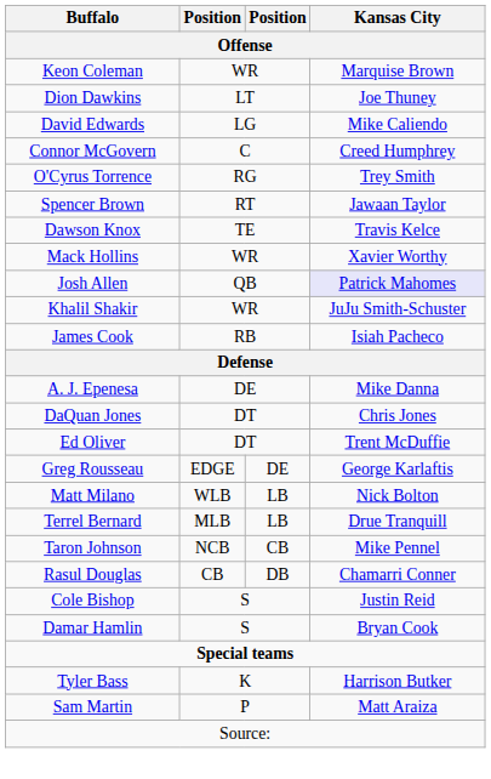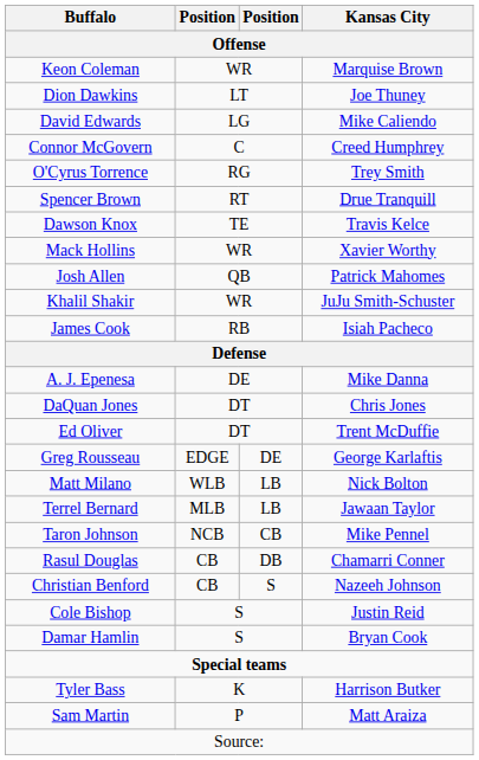 <table class="wikitable" style="text-align:center">
 <tr>
 <th width="160px">Buffalo</th>
 <th>Position</th>
 <th>Position</th>
 <th width="160px">Kansas City</th>
 </tr>
 <tr>
 <th colspan="4" style="text-align:center">Offense</th>
 </tr>
 <tr>
 <td><a href='#'>Keon Coleman</a></td>
 <td colspan="2" style="text-align:center">WR</td>
 <td><a href='#'>Marquise Brown</a></td>
 </tr>
 <tr>
 <td><a href='#'>Dion Dawkins</a></td>
 <td colspan="2" style="text-align:center">LT</td>
 <td><a href='#'>Joe Thuney</a></td>
 </tr>
 <tr>
 <td><a href='#'>David Edwards</a></td>
 <td colspan="2" style="text-align:center">LG</td>
 <td><a href='#'>Mike Caliendo</a></td>
 </tr>
 <tr>
 <td><a href='#'>Connor McGovern</a></td>
 <td colspan="2" style="text-align:center">C</td>
 <td><a href='#'>Creed Humphrey</a></td>
 </tr>
 <tr>
 <td><a href='#'>O'Cyrus Torrence</a></td>
 <td colspan="2" style="text-align:center">RG</td>
 <td><a href='#'>Trey Smith</a></td>
 </tr>
 <tr>
 <td><a href='#'>Spencer Brown</a></td>
 <td colspan="2" style="text-align:center">RT</td>
-<td><a href='#'>Jawaan Taylor</a></td>
+<td><a href='#'>Drue Tranquill</a></td>
 </tr>
 <tr>
 <td><a href='#'>Dawson Knox</a></td>
 <td colspan="2" style="text-align:center">TE</td>
 <td><a href='#'>Travis Kelce</a></td>
 </tr>
 <tr>
 <td><a href='#'>Mack Hollins</a></td>
 <td colspan="2" style="text-align:center">WR</td>
 <td><a href='#'>Xavier Worthy</a></td>
 </tr>
 <tr>
 <td><a href='#'>Josh Allen</a></td>
 <td colspan="2" style="text-align:center">QB</td>
-<td style="background: lavender;"><a href='#'>Patrick Mahomes</a></td>
+<td><a href='#'>Patrick Mahomes</a></td>
 </tr>
 <tr>
 <td><a href='#'>Khalil Shakir</a></td>
 <td colspan="2" style="text-align:center">WR</td>
 <td><a href='#'>JuJu Smith-Schuster</a></td>
 </tr>
 <tr>
 <td><a href='#'>James Cook</a></td>
 <td colspan="2" style="text-align:center">RB</td>
 <td><a href='#'>Isiah Pacheco</a></td>
 </tr>
 <tr>
 <th colspan="4" style="text-align:center">Defense</th>
 </tr>
 <tr>
 <td><a href='#'>A. J. Epenesa</a></td>
 <td colspan="2" style="text-align:center">DE</td>
 <td><a href='#'>Mike Danna</a></td>
 </tr>
 <tr>
 <td><a href='#'>DaQuan Jones</a></td>
 <td colspan="2" style="text-align:center">DT</td>
 <td><a href='#'>Chris Jones</a></td>
 </tr>
 <tr>
 <td><a href='#'>Ed Oliver</a></td>
 <td colspan="2" style="text-align:center">DT</td>
 <td><a href='#'>Trent McDuffie</a></td>
 </tr>
 <tr>
 <td><a href='#'>Greg Rousseau</a></td>
 <td style="text-align:center">EDGE</td>
 <td style="text-align:center">DE</td>
 <td><a href='#'>George Karlaftis</a></td>
 </tr>
 <tr>
 <td><a href='#'>Matt Milano</a></td>
 <td style="text-align:center">WLB</td>
 <td style="text-align:center">LB</td>
 <td><a href='#'>Nick Bolton</a></td>
 </tr>
 <tr>
 <td><a href='#'>Terrel Bernard</a></td>
 <td style="text-align:center">MLB</td>
 <td style="text-align:center">LB</td>
-<td><a href='#'>Drue Tranquill</a></td>
+<td><a href='#'>Jawaan Taylor</a></td>
 </tr>
 <tr>
 <td><a href='#'>Taron Johnson</a></td>
 <td style="text-align:center">NCB</td>
 <td style="text-align:center">CB</td>
 <td><a href='#'>Mike Pennel</a></td>
 </tr>
 <tr>
 <td><a href='#'>Rasul Douglas</a></td>
 <td style="text-align:center">CB</td>
 <td style="text-align:center">DB</td>
 <td><a href='#'>Chamarri Conner</a></td>
+</tr>
+<tr>
+<td><a href='#'>Christian Benford</a></td>
+<td style="text-align:center">CB</td>
+<td style="text-align:center">S</td>
+<td><a href='#'>Nazeeh Johnson</a></td>
 </tr>
 <tr>
 <td><a href='#'>Cole Bishop</a></td>
 <td colspan="2" style="text-align:center">S</td>
 <td><a href='#'>Justin Reid</a></td>
 </tr>
 <tr>
 <td><a href='#'>Damar Hamlin</a></td>
 <td colspan="2" style="text-align:center">S</td>
 <td><a href='#'>Bryan Cook</a></td>
 </tr>
 <tr>
 <td colspan="4" style="text-align:center;"><strong>Special teams</strong></td>
 </tr>
 <tr>
 <td><a href='#'>Tyler Bass</a></td>
 <td colspan="2" style="text-align:center">K</td>
 <td><a href='#'>Harrison Butker</a></td>
 </tr>
 <tr>
 <td><a href='#'>Sam Martin</a></td>
 <td colspan="2" style="text-align:center">P</td>
 <td><a href='#'>Matt Araiza</a></td>
 </tr>
 <tr>
 <td colspan="4">Source:</td>
 </tr>
 </table>
